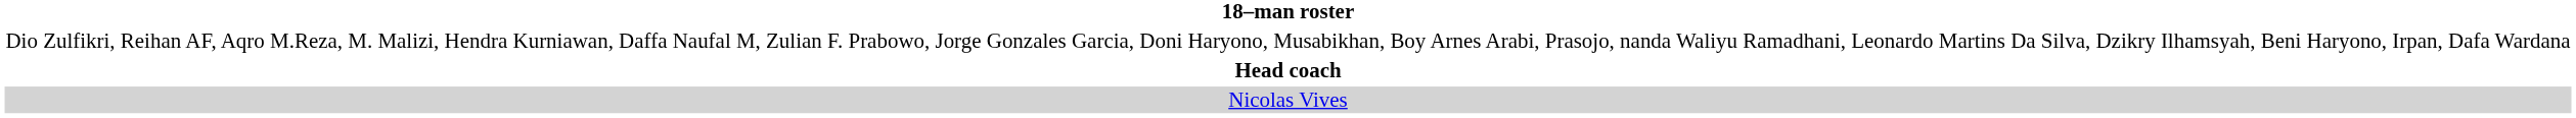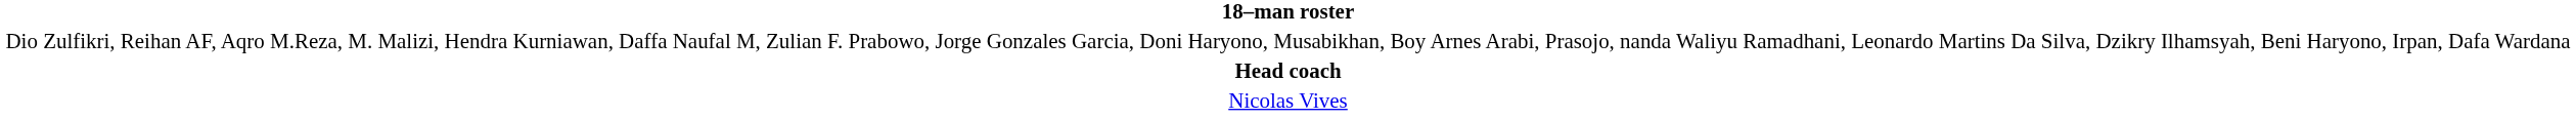 <table style="text-align:center; margin-top:2em; margin-left:auto; margin-right:auto">
 <tr>
 <td><strong>18–man roster</strong></td>
 </tr>
 <tr>
 <td>Dio Zulfikri, Reihan AF, Aqro M.Reza, M. Malizi, Hendra Kurniawan, Daffa Naufal M, Zulian F. Prabowo, Jorge Gonzales Garcia, Doni Haryono, Musabikhan, Boy Arnes Arabi, Prasojo, nanda Waliyu Ramadhani, Leonardo Martins Da Silva, Dzikry Ilhamsyah, Beni Haryono, Irpan, Dafa Wardana</td>
 </tr>
 <tr>
 <td><strong>Head coach</strong></td>
 </tr>
 <tr>
-<td style="background: lightgrey;"><a href='#'>Nicolas Vives</a></td>
+<td><a href='#'>Nicolas Vives</a></td>
 </tr>
 </table>
